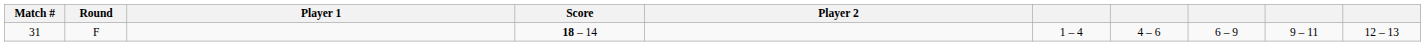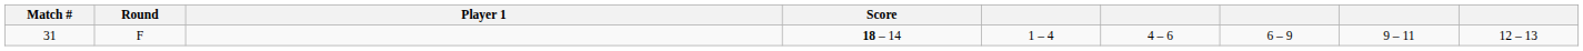 <table class="wikitable">
 <tr>
 <th width="2%">Match #</th>
 <th width="2%">Round</th>
 <th width="15%">Player 1</th>
 <th width="5%">Score</th>
-<th width="15%">Player 2</th>
 <th width="3%"></th>
 <th width="3%"></th>
 <th width="3%"></th>
 <th width="3%"></th>
 <th width="3%"></th>
 </tr>
 <tr style=text-align:center;"background:#;">
 <td>31</td>
 <td>F</td>
 <td></td>
 <td><strong>18</strong> – 14</td>
-<td></td>
 <td>1 – 4</td>
 <td>4 – 6</td>
 <td>6 – 9</td>
 <td>9 – 11</td>
 <td>12 – 13</td>
 </tr>
 </table>
